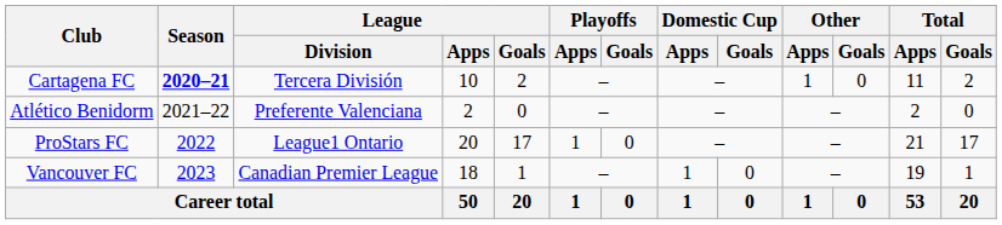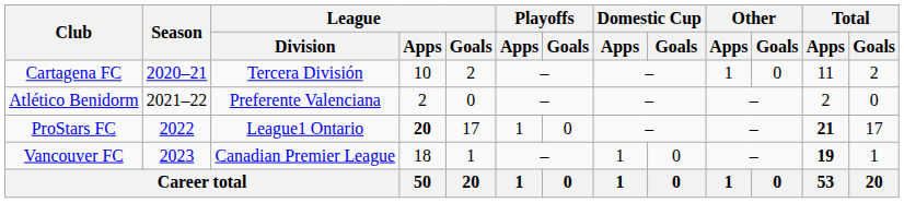 <table class="wikitable" style="text-align: center">
 <tr>
 <th rowspan="2">Club</th>
 <th rowspan="2">Season</th>
 <th colspan="3">League</th>
 <th colspan="2">Playoffs</th>
 <th colspan="2">Domestic Cup</th>
 <th colspan="2">Other</th>
 <th colspan="2">Total</th>
 </tr>
 <tr>
 <th>Division</th>
 <th>Apps</th>
 <th>Goals</th>
 <th>Apps</th>
 <th>Goals</th>
 <th>Apps</th>
 <th>Goals</th>
 <th>Apps</th>
 <th>Goals</th>
 <th>Apps</th>
 <th>Goals</th>
 </tr>
 <tr>
 <td><a href='#'>Cartagena FC</a></td>
-<td><strong><a href='#'>2020–21</a></strong></td>
+<td><a href='#'>2020–21</a></td>
 <td><a href='#'>Tercera División</a></td>
 <td>10</td>
 <td>2</td>
 <td colspan="2">–</td>
 <td colspan="2">–</td>
 <td>1</td>
 <td>0</td>
 <td>11</td>
 <td>2</td>
 </tr>
 <tr>
 <td><a href='#'>Atlético Benidorm</a></td>
 <td>2021–22</td>
 <td><a href='#'>Preferente Valenciana</a></td>
 <td>2</td>
 <td>0</td>
 <td colspan="2">–</td>
 <td colspan="2">–</td>
 <td colspan="2">–</td>
 <td>2</td>
 <td>0</td>
 </tr>
 <tr>
 <td><a href='#'>ProStars FC</a></td>
 <td><a href='#'>2022</a></td>
 <td><a href='#'>League1 Ontario</a></td>
-<td>20</td>
+<td><strong>20</strong></td>
 <td>17</td>
 <td>1</td>
 <td>0</td>
 <td colspan="2">–</td>
 <td colspan="2">–</td>
-<td>21</td>
+<td><strong>21</strong></td>
 <td>17</td>
 </tr>
 <tr>
 <td><a href='#'>Vancouver FC</a></td>
 <td><a href='#'>2023</a></td>
 <td><a href='#'>Canadian Premier League</a></td>
 <td>18</td>
 <td>1</td>
 <td colspan="2">–</td>
 <td>1</td>
 <td>0</td>
 <td colspan="2">–</td>
-<td>19</td>
+<td><strong>19</strong></td>
 <td>1</td>
 </tr>
 <tr>
 <th colspan="3"><strong>Career total</strong></th>
 <th>50</th>
 <th>20</th>
 <th>1</th>
 <th>0</th>
 <th>1</th>
 <th>0</th>
 <th>1</th>
 <th>0</th>
 <th>53</th>
 <th>20</th>
 </tr>
 </table>
